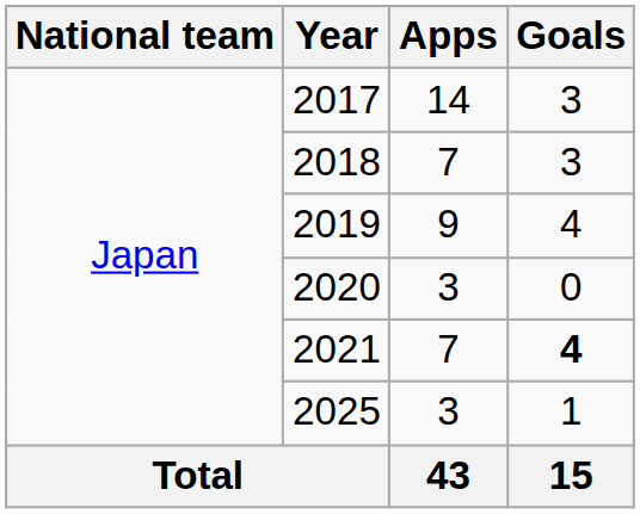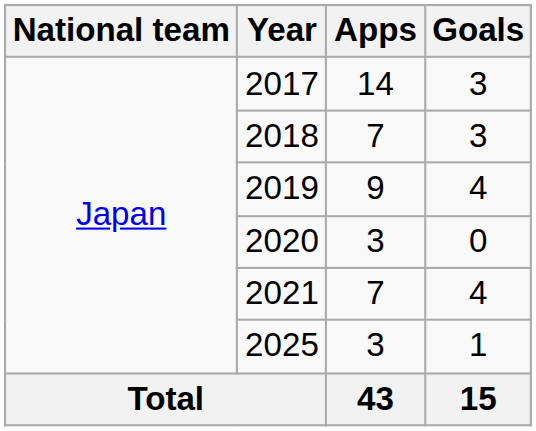 <table class="wikitable" style="text-align:center">
 <tr>
 <th>National team</th>
 <th>Year</th>
 <th>Apps</th>
 <th>Goals</th>
 </tr>
 <tr>
 <td rowspan="6"><a href='#'>Japan</a></td>
 <td>2017</td>
 <td>14</td>
 <td>3</td>
 </tr>
 <tr>
 <td>2018</td>
 <td>7</td>
 <td>3</td>
 </tr>
 <tr>
 <td>2019</td>
 <td>9</td>
 <td>4</td>
 </tr>
 <tr>
 <td>2020</td>
 <td>3</td>
 <td>0</td>
 </tr>
 <tr>
 <td>2021</td>
 <td>7</td>
-<td><strong>4</strong></td>
+<td>4</td>
 </tr>
 <tr>
 <td>2025</td>
 <td>3</td>
 <td>1</td>
 </tr>
 <tr>
 <th colspan="2">Total</th>
 <th>43</th>
 <th>15</th>
 </tr>
 </table>
